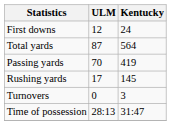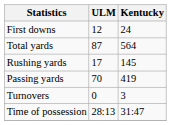 <table class="wikitable" style="float: left;">
 <tr>
 <th>Statistics</th>
 <th>ULM</th>
 <th>Kentucky</th>
 </tr>
 <tr>
 <td>First downs</td>
 <td>12</td>
 <td>24</td>
 </tr>
 <tr>
 <td>Total yards</td>
 <td>87</td>
 <td>564</td>
 </tr>
 <tr>
+<td>Rushing yards</td>
+<td>17</td>
+<td>145</td>
+</tr>
+<tr>
 <td>Passing yards</td>
 <td>70</td>
 <td>419</td>
-</tr>
-<tr>
-<td>Rushing yards</td>
-<td>17</td>
-<td>145</td>
 </tr>
 <tr>
 <td>Turnovers</td>
 <td>0</td>
 <td>3</td>
 </tr>
 <tr>
 <td>Time of possession</td>
 <td>28:13</td>
 <td>31:47</td>
 </tr>
 <tr>
 </tr>
 </table>
